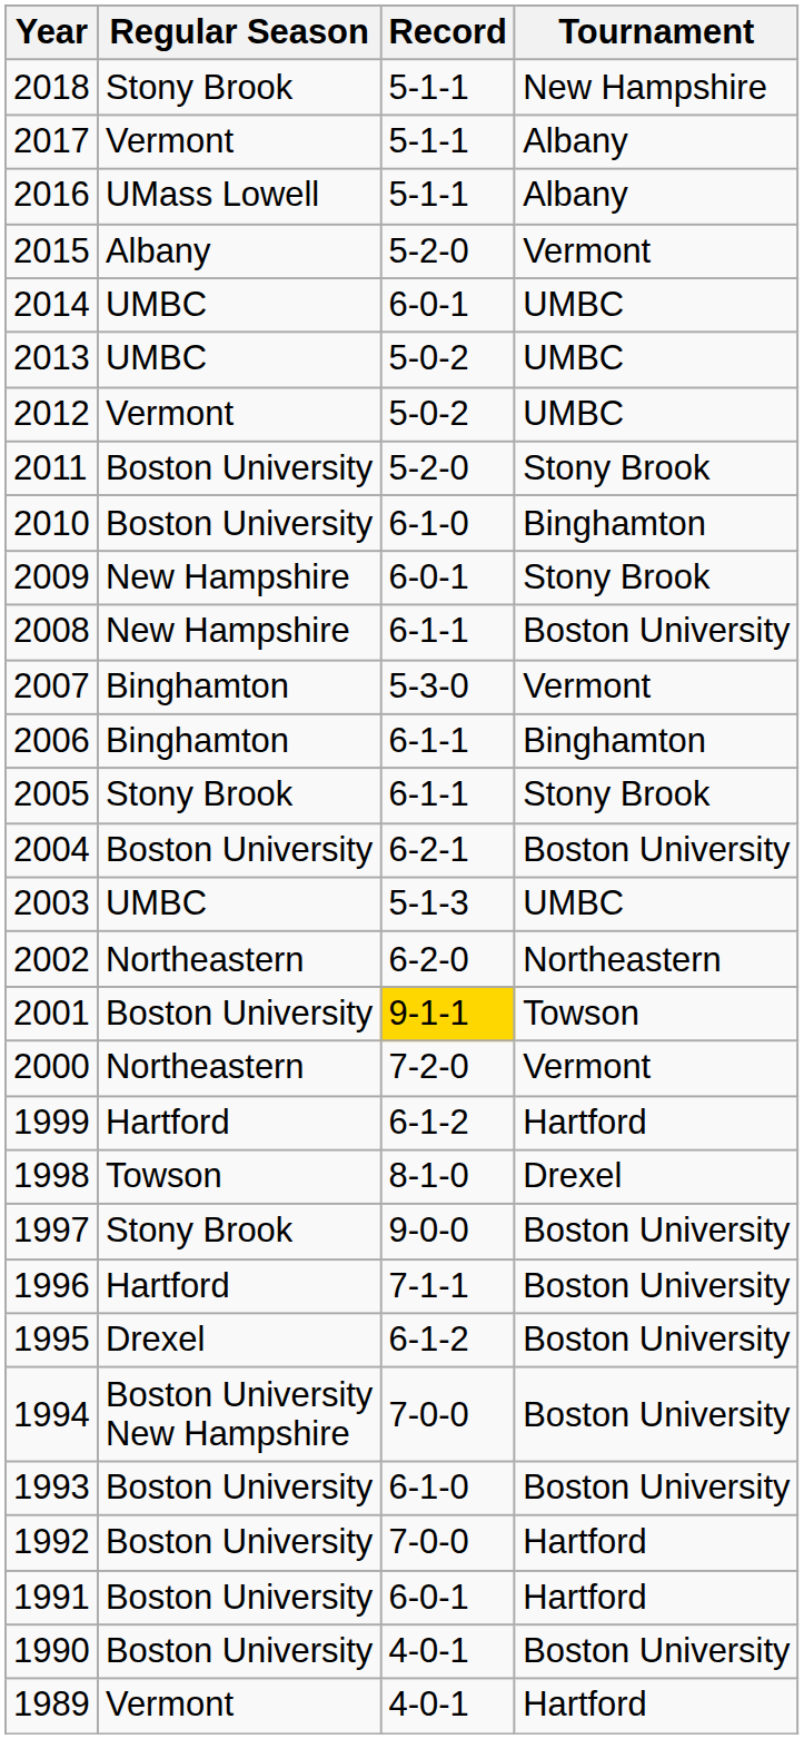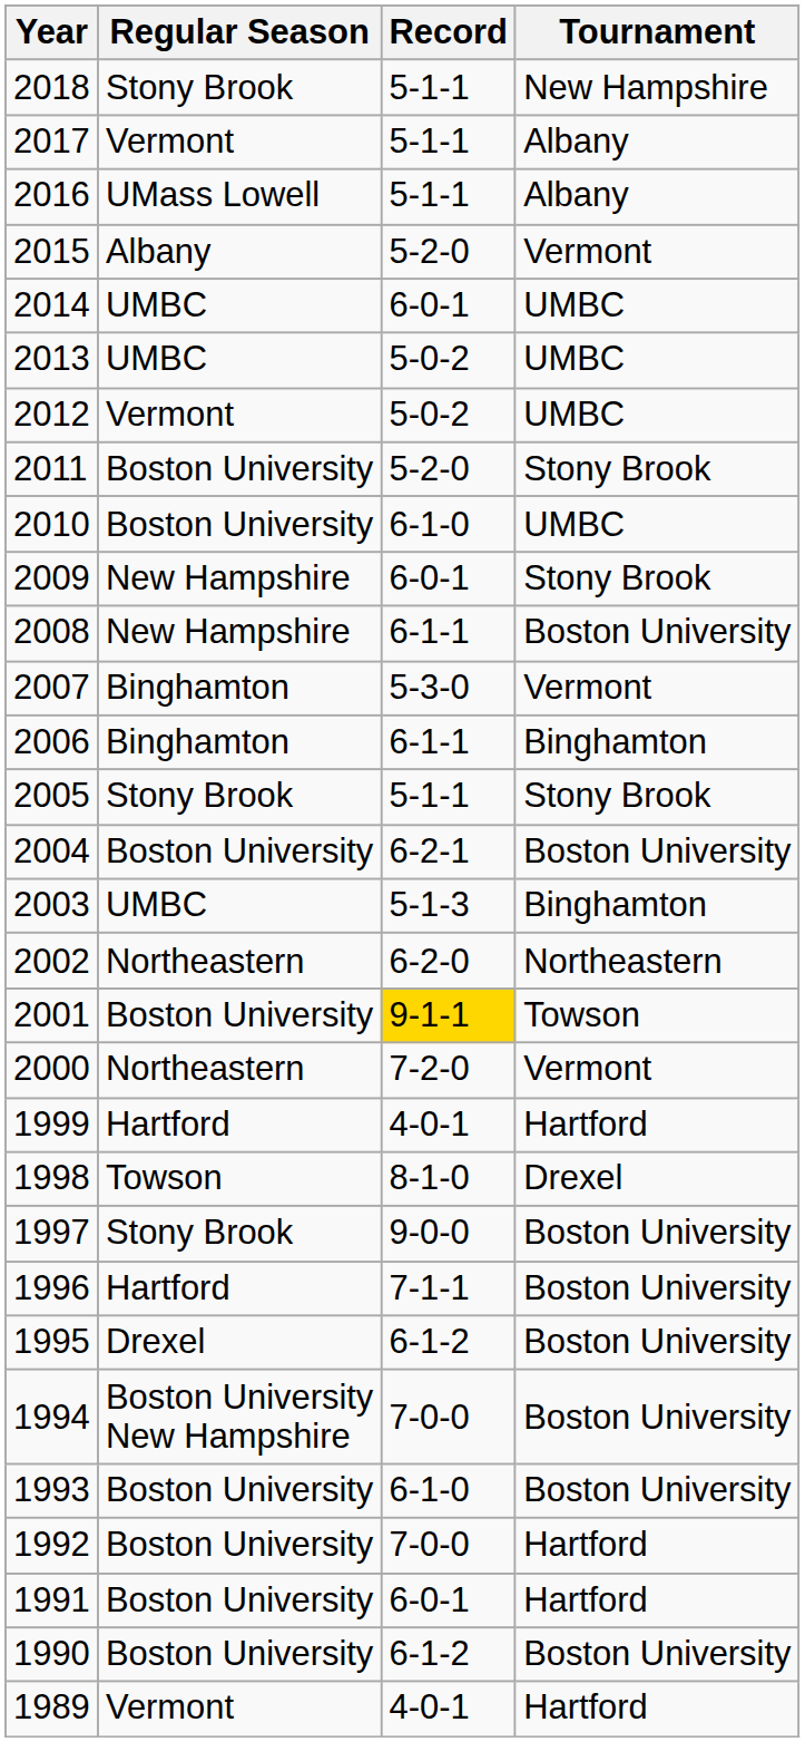 <table class="wikitable sortable">
 <tr>
 <th>Year</th>
 <th>Regular Season</th>
 <th>Record</th>
 <th>Tournament</th>
 </tr>
 <tr>
 <td>2018</td>
 <td>Stony Brook</td>
 <td>5-1-1</td>
 <td>New Hampshire</td>
 </tr>
 <tr>
 <td>2017</td>
 <td>Vermont</td>
 <td>5-1-1</td>
 <td>Albany</td>
 </tr>
 <tr>
 <td>2016</td>
 <td>UMass Lowell</td>
 <td>5-1-1</td>
 <td>Albany</td>
 </tr>
 <tr>
 <td>2015</td>
 <td>Albany</td>
 <td>5-2-0</td>
 <td>Vermont</td>
 </tr>
 <tr>
 <td>2014</td>
 <td>UMBC</td>
 <td>6-0-1</td>
 <td>UMBC</td>
 </tr>
 <tr>
 <td>2013</td>
 <td>UMBC</td>
 <td>5-0-2</td>
 <td>UMBC</td>
 </tr>
 <tr>
 <td>2012</td>
 <td>Vermont</td>
 <td>5-0-2</td>
 <td>UMBC</td>
 </tr>
 <tr>
 <td>2011</td>
 <td>Boston University</td>
 <td>5-2-0</td>
 <td>Stony Brook</td>
 </tr>
 <tr>
 <td>2010</td>
 <td>Boston University</td>
 <td>6-1-0</td>
-<td>Binghamton</td>
+<td>UMBC</td>
 </tr>
 <tr>
 <td>2009</td>
 <td>New Hampshire</td>
 <td>6-0-1</td>
 <td>Stony Brook</td>
 </tr>
 <tr>
 <td>2008</td>
 <td>New Hampshire</td>
 <td>6-1-1</td>
 <td>Boston University</td>
 </tr>
 <tr>
 <td>2007</td>
 <td>Binghamton</td>
 <td>5-3-0</td>
 <td>Vermont</td>
 </tr>
 <tr>
 <td>2006</td>
 <td>Binghamton</td>
 <td>6-1-1</td>
 <td>Binghamton</td>
 </tr>
 <tr>
 <td>2005</td>
 <td>Stony Brook</td>
-<td>6-1-1</td>
+<td>5-1-1</td>
 <td>Stony Brook</td>
 </tr>
 <tr>
 <td>2004</td>
 <td>Boston University</td>
 <td>6-2-1</td>
 <td>Boston University</td>
 </tr>
 <tr>
 <td>2003</td>
 <td>UMBC</td>
 <td>5-1-3</td>
-<td>UMBC</td>
+<td>Binghamton</td>
 </tr>
 <tr>
 <td>2002</td>
 <td>Northeastern</td>
 <td>6-2-0</td>
 <td>Northeastern</td>
 </tr>
 <tr>
 <td>2001</td>
 <td>Boston University</td>
 <td style="background: gold;">9-1-1</td>
 <td>Towson</td>
 </tr>
 <tr>
 <td>2000</td>
 <td>Northeastern</td>
 <td>7-2-0</td>
 <td>Vermont</td>
 </tr>
 <tr>
 <td>1999</td>
 <td>Hartford</td>
-<td>6-1-2</td>
+<td>4-0-1</td>
 <td>Hartford</td>
 </tr>
 <tr>
 <td>1998</td>
 <td>Towson</td>
 <td>8-1-0</td>
 <td>Drexel</td>
 </tr>
 <tr>
 <td>1997</td>
 <td>Stony Brook</td>
 <td>9-0-0</td>
 <td>Boston University</td>
 </tr>
 <tr>
 <td>1996</td>
 <td>Hartford</td>
 <td>7-1-1</td>
 <td>Boston University</td>
 </tr>
 <tr>
 <td>1995</td>
 <td>Drexel</td>
 <td>6-1-2</td>
 <td>Boston University</td>
 </tr>
 <tr>
 <td>1994</td>
 <td>Boston University<br>New Hampshire</td>
 <td>7-0-0</td>
 <td>Boston University</td>
 </tr>
 <tr>
 <td>1993</td>
 <td>Boston University</td>
 <td>6-1-0</td>
 <td>Boston University</td>
 </tr>
 <tr>
 <td>1992</td>
 <td>Boston University</td>
 <td>7-0-0</td>
 <td>Hartford</td>
 </tr>
 <tr>
 <td>1991</td>
 <td>Boston University</td>
 <td>6-0-1</td>
 <td>Hartford</td>
 </tr>
 <tr>
 <td>1990</td>
 <td>Boston University</td>
-<td>4-0-1</td>
+<td>6-1-2</td>
 <td>Boston University</td>
 </tr>
 <tr>
 <td>1989</td>
 <td>Vermont</td>
 <td>4-0-1</td>
 <td>Hartford</td>
 </tr>
 <tr>
 </tr>
 </table>
